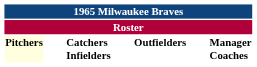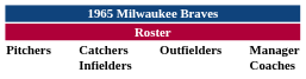 <table class="toccolours" style="font-size: 95%;">
 <tr>
 <th colspan="10" style="background-color: #0f437c; color: white; text-align: center;">1965 Milwaukee Braves</th>
 </tr>
 <tr>
 <td colspan="10" style="background-color: #af0039; color: white; text-align: center;"><strong>Roster</strong></td>
 </tr>
 <tr>
-<td valign="top" style="background: lightyellow;"><strong>Pitchers</strong><br>             </td>
+<td valign="top"><strong>Pitchers</strong><br>             </td>
 <td width="25px"></td>
 <td valign="top"><strong>Catchers</strong><br>   <strong>Infielders</strong>          </td>
 <td width="25px"></td>
 <td valign="top"><strong>Outfielders</strong><br>         </td>
 <td width="25px"></td>
 <td valign="top"><strong>Manager</strong><br> <strong>Coaches</strong>    </td>
 </tr>
 </table>
